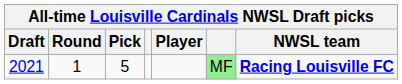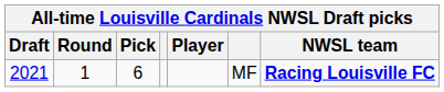 <table class="wikitable sortable" style="text-align: center;">
 <tr>
 <th colspan="7" style="background:#">All-time <a href='#'><span>Louisville Cardinals</span></a> NWSL Draft picks</th>
 </tr>
 <tr>
 <th scope="col">Draft</th>
 <th scope="col">Round</th>
 <th scope="col">Pick</th>
 <th scope="col"></th>
 <th scope="col">Player</th>
 <th scope="col"></th>
 <th scope="col">NWSL team</th>
 </tr>
 <tr>
 <td><a href='#'>2021</a></td>
 <td>1</td>
-<td>5</td>
+<td>6</td>
 <td></td>
 <td></td>
-<td style="background: lightgreen;">MF</td>
+<td>MF</td>
 <td><strong><a href='#'>Racing Louisville FC</a></strong></td>
 </tr>
 </table>
